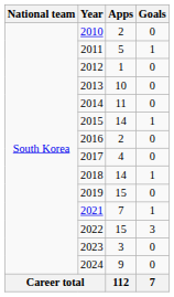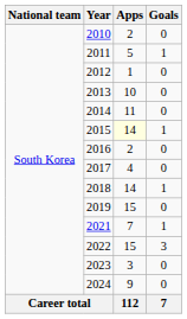 <table class="wikitable" style="text-align:center">
 <tr>
 <th>National team</th>
 <th>Year</th>
 <th>Apps</th>
 <th>Goals</th>
 </tr>
 <tr>
 <td rowspan="14"><a href='#'>South Korea</a></td>
 <td><a href='#'>2010</a></td>
 <td>2</td>
 <td>0</td>
 </tr>
 <tr>
 <td>2011</td>
 <td>5</td>
 <td>1</td>
 </tr>
 <tr>
 <td>2012</td>
 <td>1</td>
 <td>0</td>
 </tr>
 <tr>
 <td>2013</td>
 <td>10</td>
 <td>0</td>
 </tr>
 <tr>
 <td>2014</td>
 <td>11</td>
 <td>0</td>
 </tr>
 <tr>
 <td>2015</td>
-<td>14</td>
+<td style="background: lightyellow;">14</td>
 <td>1</td>
 </tr>
 <tr>
 <td>2016</td>
 <td>2</td>
 <td>0</td>
 </tr>
 <tr>
 <td>2017</td>
 <td>4</td>
 <td>0</td>
 </tr>
 <tr>
 <td>2018</td>
 <td>14</td>
 <td>1</td>
 </tr>
 <tr>
 <td>2019</td>
 <td>15</td>
 <td>0</td>
 </tr>
 <tr>
 <td><a href='#'>2021</a></td>
 <td>7</td>
 <td>1</td>
 </tr>
 <tr>
 <td>2022</td>
 <td>15</td>
 <td>3</td>
 </tr>
 <tr>
 <td>2023</td>
 <td>3</td>
 <td>0</td>
 </tr>
 <tr>
 <td>2024</td>
 <td>9</td>
 <td>0</td>
 </tr>
 <tr>
 <th colspan="2">Career total</th>
 <th>112</th>
 <th>7</th>
 </tr>
 </table>
